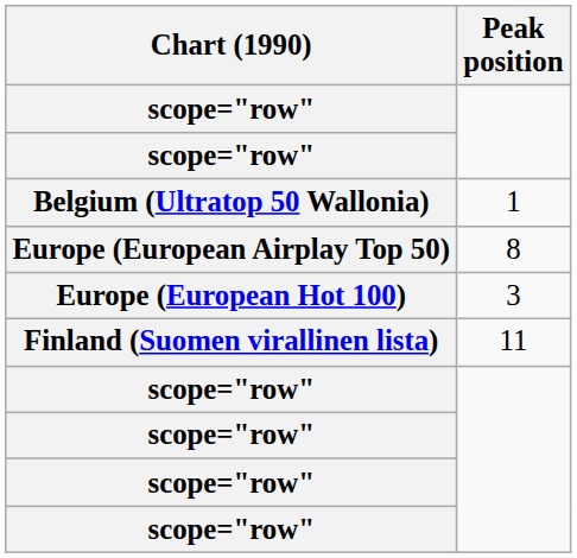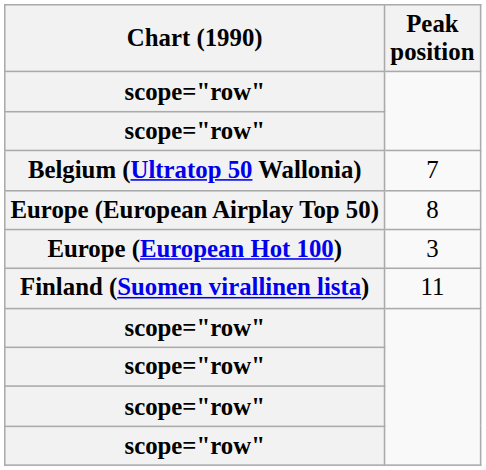 <table class="wikitable sortable plainrowheaders">
 <tr>
 <th>Chart (1990)</th>
 <th>Peak<br>position</th>
 </tr>
 <tr>
 <th>scope="row"</th>
 </tr>
 <tr>
 <th>scope="row"</th>
 </tr>
 <tr>
 <th scope="row">Belgium (<a href='#'>Ultratop 50</a> Wallonia)</th>
-<td align="center">1</td>
+<td align="center">7</td>
 </tr>
 <tr>
 <th scope="row">Europe (European Airplay Top 50)</th>
 <td align="center">8</td>
 </tr>
 <tr>
 <th scope="row">Europe (<a href='#'>European Hot 100</a>)</th>
 <td align="center">3</td>
 </tr>
 <tr>
 <th scope="row">Finland (<a href='#'>Suomen virallinen lista</a>)</th>
 <td align="center">11</td>
 </tr>
 <tr>
 <th>scope="row"</th>
 </tr>
 <tr>
 <th>scope="row"</th>
 </tr>
 <tr>
 <th>scope="row"</th>
 </tr>
 <tr>
 <th>scope="row"</th>
 </tr>
 </table>
